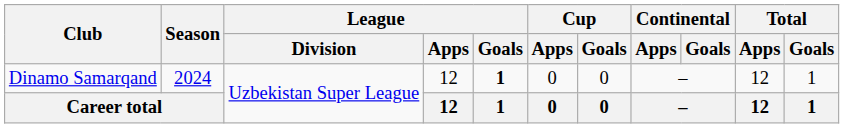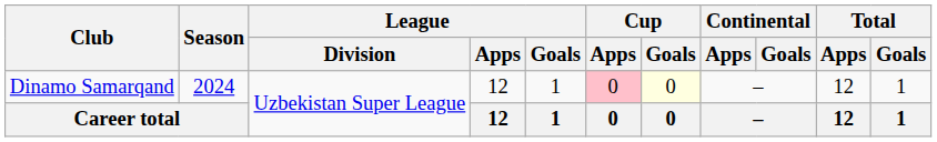 <table class="wikitable" style="text-align: center;">
 <tr>
 <th rowspan="2">Club</th>
 <th rowspan="2">Season</th>
 <th colspan="3">League</th>
 <th colspan="2">Cup</th>
 <th colspan="2">Continental</th>
 <th colspan="2">Total</th>
 </tr>
 <tr>
 <th>Division</th>
 <th>Apps</th>
 <th>Goals</th>
 <th>Apps</th>
 <th>Goals</th>
 <th>Apps</th>
 <th>Goals</th>
 <th>Apps</th>
 <th>Goals</th>
 </tr>
 <tr>
 <td valign="center"><a href='#'>Dinamo Samarqand</a></td>
 <td><a href='#'>2024</a></td>
 <td rowspan="2"><a href='#'>Uzbekistan Super League</a></td>
 <td>12</td>
-<td><strong>1</strong></td>
-<td>0</td>
-<td>0</td>
+<td>1</td>
+<td style="background: pink;">0</td>
+<td style="background: lightyellow;">0</td>
 <td colspan="2">–</td>
 <td>12</td>
 <td>1</td>
 </tr>
 <tr>
 <th colspan="2"><strong>Career total</strong></th>
 <th>12</th>
 <th>1</th>
 <th>0</th>
 <th>0</th>
 <th colspan=2>–</th>
 <th>12</th>
 <th>1</th>
 </tr>
 </table>
